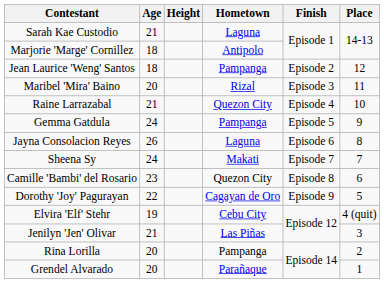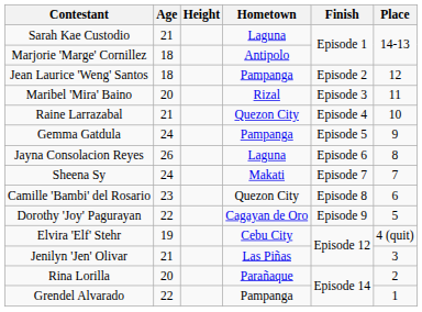 <table class="wikitable sortable" style="text-align:center;">
 <tr>
 <th>Contestant</th>
 <th>Age</th>
 <th>Height</th>
 <th>Hometown</th>
 <th>Finish</th>
 <th>Place</th>
 </tr>
 <tr>
 <td>Sarah Kae Custodio</td>
 <td>21</td>
 <td></td>
 <td><a href='#'>Laguna</a></td>
 <td rowspan=2>Episode 1</td>
 <td rowspan="2">14-13</td>
 </tr>
 <tr>
 <td>Marjorie 'Marge' Cornillez</td>
 <td>18</td>
 <td></td>
 <td><a href='#'>Antipolo</a></td>
 </tr>
 <tr>
 <td>Jean Laurice 'Weng' Santos</td>
 <td>18</td>
 <td></td>
 <td><a href='#'>Pampanga</a></td>
 <td>Episode 2</td>
 <td>12</td>
 </tr>
 <tr>
 <td>Maribel 'Mira' Baino</td>
 <td>20</td>
 <td></td>
 <td><a href='#'>Rizal</a></td>
 <td>Episode 3</td>
 <td>11</td>
 </tr>
 <tr>
 <td>Raine Larrazabal</td>
 <td>21</td>
 <td></td>
 <td><a href='#'>Quezon City</a></td>
 <td>Episode 4</td>
 <td>10</td>
 </tr>
 <tr>
 <td>Gemma Gatdula</td>
 <td>24</td>
 <td></td>
 <td><a href='#'>Pampanga</a></td>
 <td>Episode 5</td>
 <td>9</td>
 </tr>
 <tr>
 <td>Jayna Consolacion Reyes</td>
 <td>26</td>
 <td></td>
 <td><a href='#'>Laguna</a></td>
 <td>Episode 6</td>
 <td>8</td>
 </tr>
 <tr>
 <td>Sheena Sy</td>
 <td>24</td>
 <td></td>
 <td><a href='#'>Makati</a></td>
 <td>Episode 7</td>
 <td>7</td>
 </tr>
 <tr>
 <td>Camille 'Bambi' del Rosario</td>
 <td>23</td>
 <td></td>
 <td>Quezon City</td>
 <td>Episode 8</td>
 <td>6</td>
 </tr>
 <tr>
 <td>Dorothy 'Joy' Pagurayan</td>
 <td>22</td>
 <td></td>
 <td><a href='#'>Cagayan de Oro</a></td>
 <td>Episode 9</td>
 <td>5</td>
 </tr>
 <tr>
 <td>Elvira 'Elf' Stehr</td>
 <td>19</td>
 <td></td>
 <td><a href='#'>Cebu City</a></td>
 <td rowspan="2">Episode 12</td>
 <td>4 (quit)</td>
 </tr>
 <tr>
 <td>Jenilyn 'Jen' Olivar</td>
 <td>21</td>
 <td></td>
 <td><a href='#'>Las Piñas</a></td>
 <td>3</td>
 </tr>
 <tr>
 <td>Rina Lorilla</td>
 <td>20</td>
 <td></td>
-<td>Pampanga</td>
+<td><a href='#'>Parañaque</a></td>
 <td rowspan="2">Episode 14</td>
 <td>2</td>
 </tr>
 <tr>
 <td>Grendel Alvarado</td>
-<td>20</td>
+<td>22</td>
 <td></td>
-<td><a href='#'>Parañaque</a></td>
+<td>Pampanga</td>
 <td>1</td>
 </tr>
 </table>
